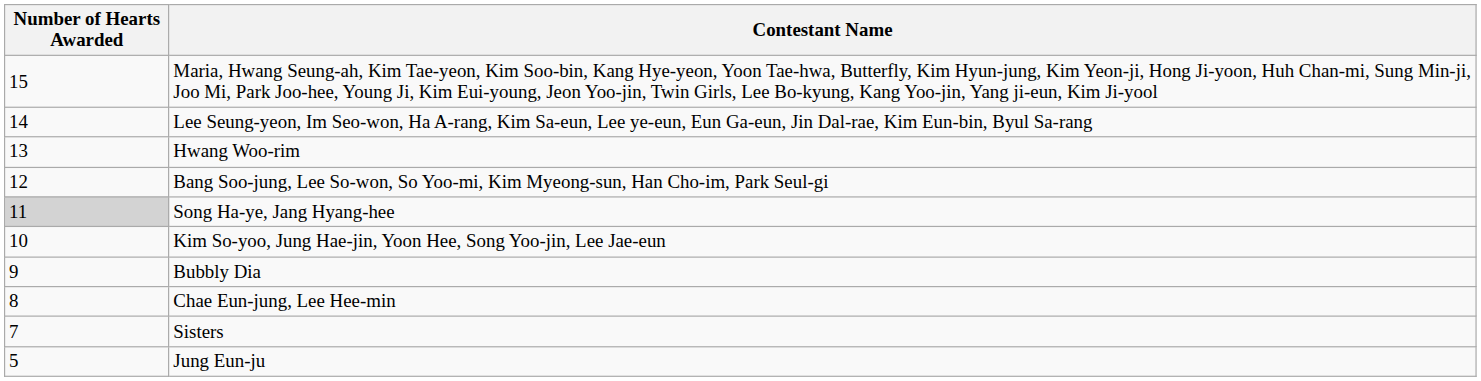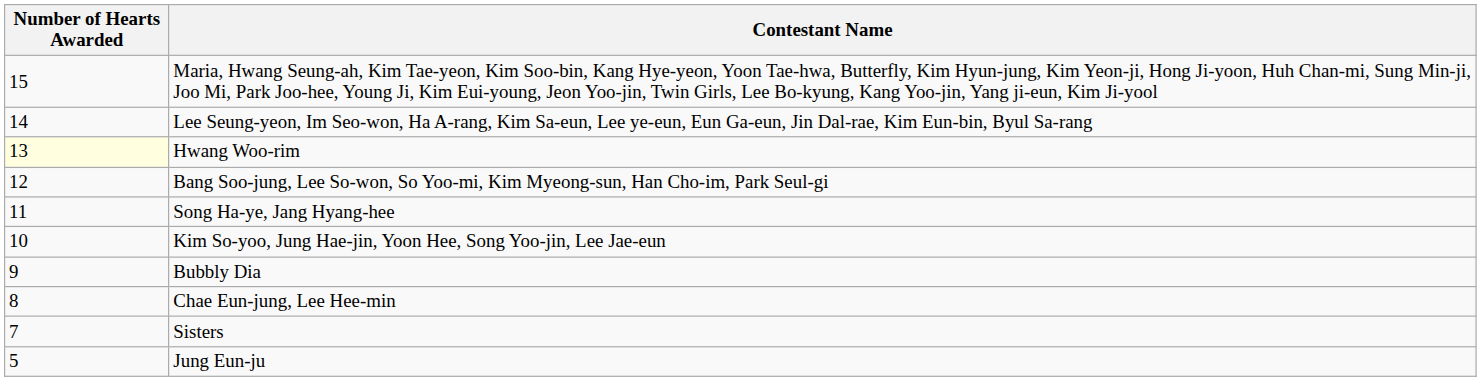 <table class="wikitable">
 <tr>
 <th>Number of Hearts Awarded</th>
 <th>Contestant Name</th>
 </tr>
 <tr>
 <td>15</td>
 <td>Maria, Hwang Seung-ah, Kim Tae-yeon, Kim Soo-bin, Kang Hye-yeon, Yoon Tae-hwa, Butterfly, Kim Hyun-jung, Kim Yeon-ji, Hong Ji-yoon, Huh Chan-mi, Sung Min-ji, Joo Mi, Park Joo-hee, Young Ji, Kim Eui-young, Jeon Yoo-jin, Twin Girls, Lee Bo-kyung, Kang Yoo-jin, Yang ji-eun, Kim Ji-yool</td>
 </tr>
 <tr>
 <td>14</td>
 <td>Lee Seung-yeon, Im Seo-won, Ha A-rang, Kim Sa-eun, Lee ye-eun, Eun Ga-eun, Jin Dal-rae, Kim Eun-bin, Byul Sa-rang</td>
 </tr>
 <tr>
-<td>13</td>
+<td style="background: lightyellow;">13</td>
 <td>Hwang Woo-rim</td>
 </tr>
 <tr>
 <td>12</td>
 <td>Bang Soo-jung, Lee So-won, So Yoo-mi, Kim Myeong-sun, Han Cho-im, Park Seul-gi</td>
 </tr>
 <tr>
-<td style="background: lightgrey;">11</td>
+<td>11</td>
 <td>Song Ha-ye, Jang Hyang-hee</td>
 </tr>
 <tr>
 <td>10</td>
 <td>Kim So-yoo, Jung Hae-jin, Yoon Hee, Song Yoo-jin, Lee Jae-eun</td>
 </tr>
 <tr>
 <td>9</td>
 <td>Bubbly Dia</td>
 </tr>
 <tr>
 <td>8</td>
 <td>Chae Eun-jung, Lee Hee-min</td>
 </tr>
 <tr>
 <td>7</td>
 <td>Sisters</td>
 </tr>
 <tr>
 <td>5</td>
 <td>Jung Eun-ju</td>
 </tr>
 </table>
